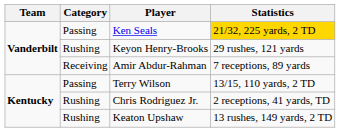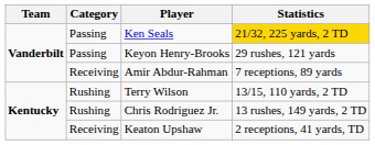 <table class="wikitable" style="float: right;">
 <tr>
 <th>Team</th>
 <th>Category</th>
 <th>Player</th>
 <th>Statistics</th>
 </tr>
 <tr>
 <td rowspan=3><strong>Vanderbilt</strong></td>
 <td>Passing</td>
 <td><a href='#'>Ken Seals</a></td>
 <td style="background: gold;">21/32, 225 yards, 2 TD</td>
 </tr>
 <tr>
-<td>Rushing</td>
+<td>Passing</td>
 <td>Keyon Henry-Brooks</td>
 <td>29 rushes, 121 yards</td>
 </tr>
 <tr>
 <td>Receiving</td>
 <td>Amir Abdur-Rahman</td>
 <td>7 receptions, 89 yards</td>
 </tr>
 <tr>
 <td rowspan=3><strong>Kentucky</strong></td>
-<td>Passing</td>
+<td>Rushing</td>
 <td>Terry Wilson</td>
 <td>13/15, 110 yards, 2 TD</td>
 </tr>
 <tr>
 <td>Rushing</td>
 <td>Chris Rodriguez Jr.</td>
+<td>13 rushes, 149 yards, 2 TD</td>
+</tr>
+<tr>
+<td>Receiving</td>
+<td>Keaton Upshaw</td>
 <td>2 receptions, 41 yards, TD</td>
 </tr>
-<tr>
-<td>Rushing</td>
-<td>Keaton Upshaw</td>
-<td>13 rushes, 149 yards, 2 TD</td>
-</tr>
 </table>
